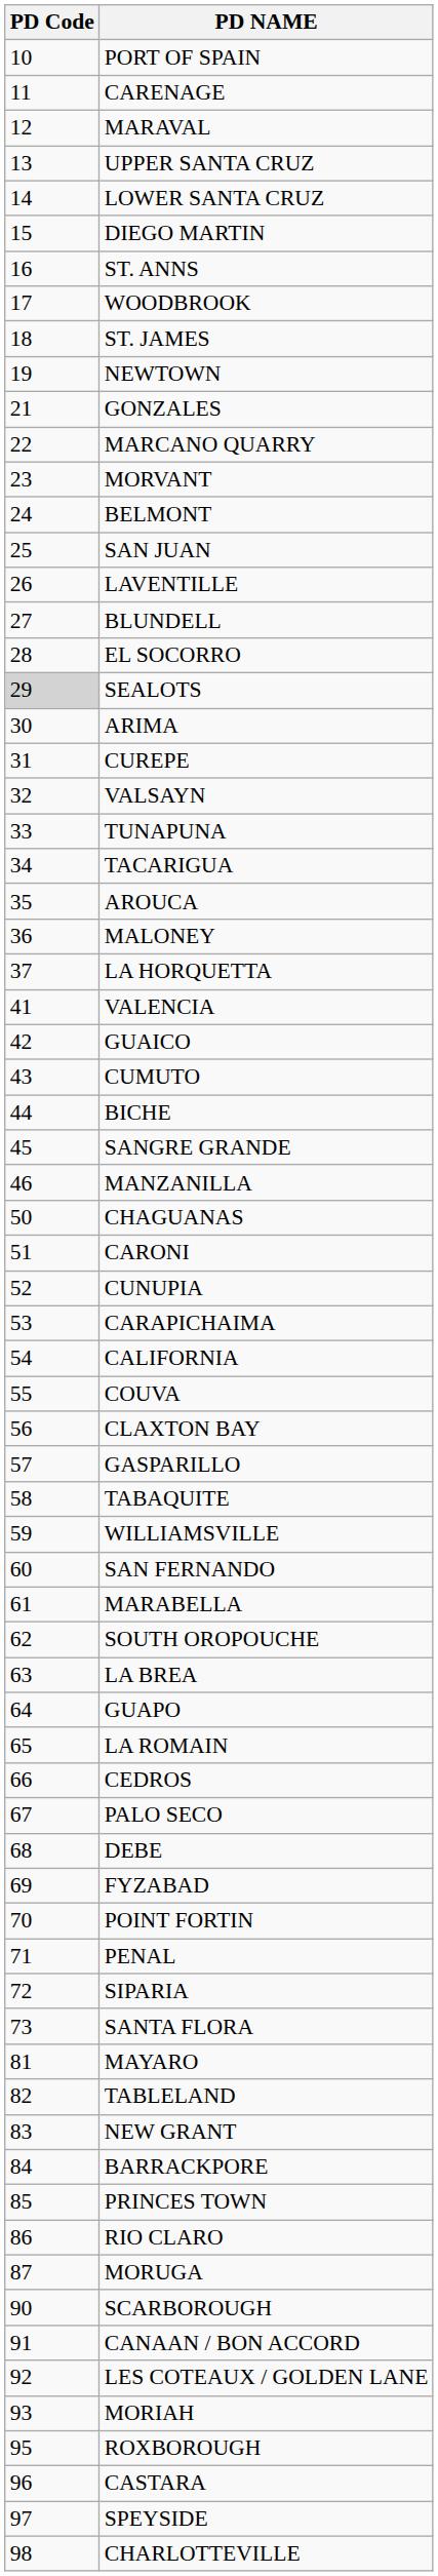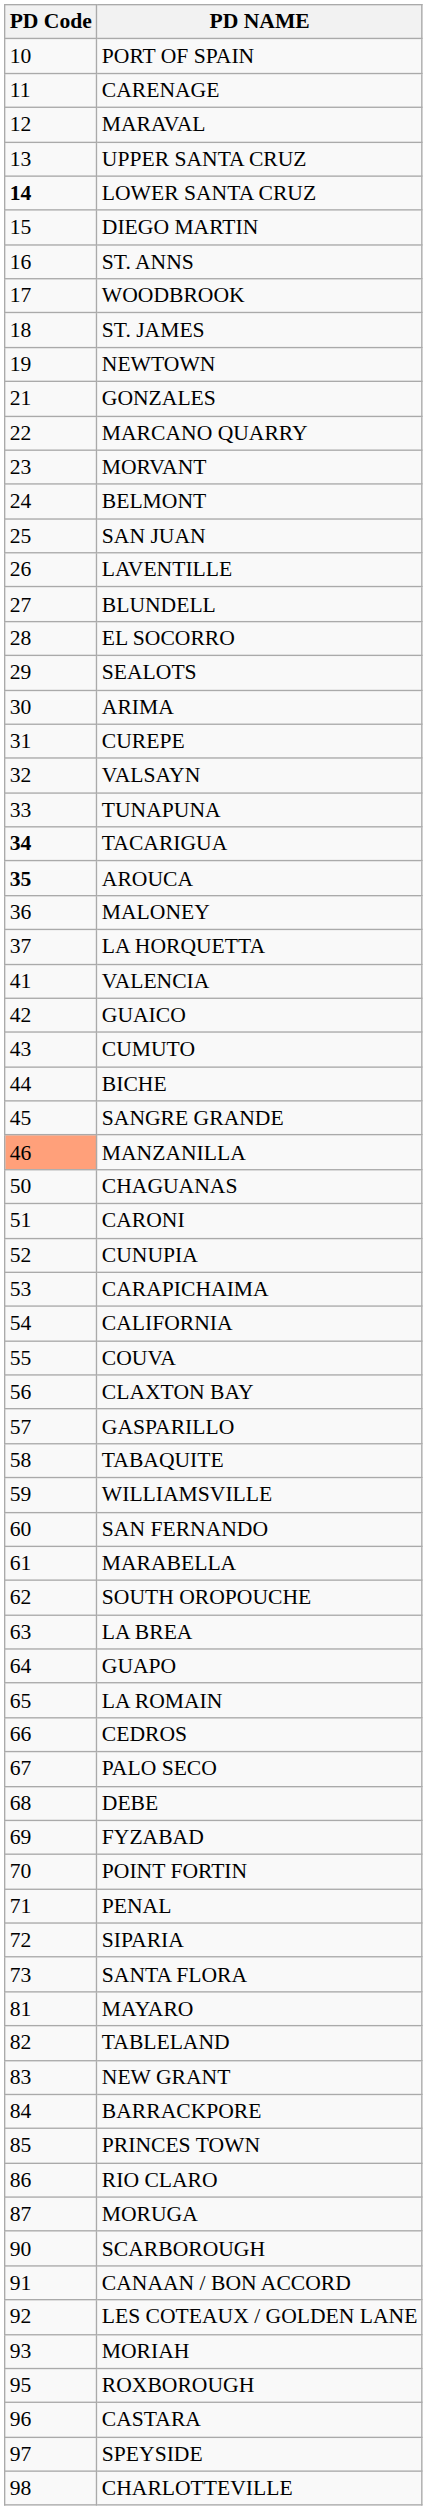 <table class="wikitable sortable">
 <tr>
 <th>PD Code</th>
 <th>PD NAME</th>
 </tr>
 <tr>
 <td>10</td>
 <td>PORT OF SPAIN</td>
 </tr>
 <tr>
 <td>11</td>
 <td>CARENAGE</td>
 </tr>
 <tr>
 <td>12</td>
 <td>MARAVAL</td>
 </tr>
 <tr>
 <td>13</td>
 <td>UPPER SANTA CRUZ</td>
 </tr>
 <tr>
-<td>14</td>
+<td><strong>14</strong></td>
 <td>LOWER SANTA CRUZ</td>
 </tr>
 <tr>
 <td>15</td>
 <td>DIEGO MARTIN</td>
 </tr>
 <tr>
 <td>16</td>
 <td>ST. ANNS</td>
 </tr>
 <tr>
 <td>17</td>
 <td>WOODBROOK</td>
 </tr>
 <tr>
 <td>18</td>
 <td>ST. JAMES</td>
 </tr>
 <tr>
 <td>19</td>
 <td>NEWTOWN</td>
 </tr>
 <tr>
 <td>21</td>
 <td>GONZALES</td>
 </tr>
 <tr>
 <td>22</td>
 <td>MARCANO QUARRY</td>
 </tr>
 <tr>
 <td>23</td>
 <td>MORVANT</td>
 </tr>
 <tr>
 <td>24</td>
 <td>BELMONT</td>
 </tr>
 <tr>
 <td>25</td>
 <td>SAN JUAN</td>
 </tr>
 <tr>
 <td>26</td>
 <td>LAVENTILLE</td>
 </tr>
 <tr>
 <td>27</td>
 <td>BLUNDELL</td>
 </tr>
 <tr>
 <td>28</td>
 <td>EL SOCORRO</td>
 </tr>
 <tr>
-<td style="background: lightgrey;">29</td>
+<td>29</td>
 <td>SEALOTS</td>
 </tr>
 <tr>
 <td>30</td>
 <td>ARIMA</td>
 </tr>
 <tr>
 <td>31</td>
 <td>CUREPE</td>
 </tr>
 <tr>
 <td>32</td>
 <td>VALSAYN</td>
 </tr>
 <tr>
 <td>33</td>
 <td>TUNAPUNA</td>
 </tr>
 <tr>
-<td>34</td>
+<td><strong>34</strong></td>
 <td>TACARIGUA</td>
 </tr>
 <tr>
-<td>35</td>
+<td><strong>35</strong></td>
 <td>AROUCA</td>
 </tr>
 <tr>
 <td>36</td>
 <td>MALONEY</td>
 </tr>
 <tr>
 <td>37</td>
 <td>LA HORQUETTA</td>
 </tr>
 <tr>
 <td>41</td>
 <td>VALENCIA</td>
 </tr>
 <tr>
 <td>42</td>
 <td>GUAICO</td>
 </tr>
 <tr>
 <td>43</td>
 <td>CUMUTO</td>
 </tr>
 <tr>
 <td>44</td>
 <td>BICHE</td>
 </tr>
 <tr>
 <td>45</td>
 <td>SANGRE GRANDE</td>
 </tr>
 <tr>
-<td>46</td>
+<td style="background: lightsalmon;">46</td>
 <td>MANZANILLA</td>
 </tr>
 <tr>
 <td>50</td>
 <td>CHAGUANAS</td>
 </tr>
 <tr>
 <td>51</td>
 <td>CARONI</td>
 </tr>
 <tr>
 <td>52</td>
 <td>CUNUPIA</td>
 </tr>
 <tr>
 <td>53</td>
 <td>CARAPICHAIMA</td>
 </tr>
 <tr>
 <td>54</td>
 <td>CALIFORNIA</td>
 </tr>
 <tr>
 <td>55</td>
 <td>COUVA</td>
 </tr>
 <tr>
 <td>56</td>
 <td>CLAXTON BAY</td>
 </tr>
 <tr>
 <td>57</td>
 <td>GASPARILLO</td>
 </tr>
 <tr>
 <td>58</td>
 <td>TABAQUITE</td>
 </tr>
 <tr>
 <td>59</td>
 <td>WILLIAMSVILLE</td>
 </tr>
 <tr>
 <td>60</td>
 <td>SAN FERNANDO</td>
 </tr>
 <tr>
 <td>61</td>
 <td>MARABELLA</td>
 </tr>
 <tr>
 <td>62</td>
 <td>SOUTH OROPOUCHE</td>
 </tr>
 <tr>
 <td>63</td>
 <td>LA BREA</td>
 </tr>
 <tr>
 <td>64</td>
 <td>GUAPO</td>
 </tr>
 <tr>
 <td>65</td>
 <td>LA ROMAIN</td>
 </tr>
 <tr>
 <td>66</td>
 <td>CEDROS</td>
 </tr>
 <tr>
 <td>67</td>
 <td>PALO SECO</td>
 </tr>
 <tr>
 <td>68</td>
 <td>DEBE</td>
 </tr>
 <tr>
 <td>69</td>
 <td>FYZABAD</td>
 </tr>
 <tr>
 <td>70</td>
 <td>POINT FORTIN</td>
 </tr>
 <tr>
 <td>71</td>
 <td>PENAL</td>
 </tr>
 <tr>
 <td>72</td>
 <td>SIPARIA</td>
 </tr>
 <tr>
 <td>73</td>
 <td>SANTA FLORA</td>
 </tr>
 <tr>
 <td>81</td>
 <td>MAYARO</td>
 </tr>
 <tr>
 <td>82</td>
 <td>TABLELAND</td>
 </tr>
 <tr>
 <td>83</td>
 <td>NEW GRANT</td>
 </tr>
 <tr>
 <td>84</td>
 <td>BARRACKPORE</td>
 </tr>
 <tr>
 <td>85</td>
 <td>PRINCES TOWN</td>
 </tr>
 <tr>
 <td>86</td>
 <td>RIO CLARO</td>
 </tr>
 <tr>
 <td>87</td>
 <td>MORUGA</td>
 </tr>
 <tr>
 <td>90</td>
 <td>SCARBOROUGH</td>
 </tr>
 <tr>
 <td>91</td>
 <td>CANAAN / BON ACCORD</td>
 </tr>
 <tr>
 <td>92</td>
 <td>LES COTEAUX / GOLDEN LANE</td>
 </tr>
 <tr>
 <td>93</td>
 <td>MORIAH</td>
 </tr>
 <tr>
 <td>95</td>
 <td>ROXBOROUGH</td>
 </tr>
 <tr>
 <td>96</td>
 <td>CASTARA</td>
 </tr>
 <tr>
 <td>97</td>
 <td>SPEYSIDE</td>
 </tr>
 <tr>
 <td>98</td>
 <td>CHARLOTTEVILLE</td>
 </tr>
 </table>
